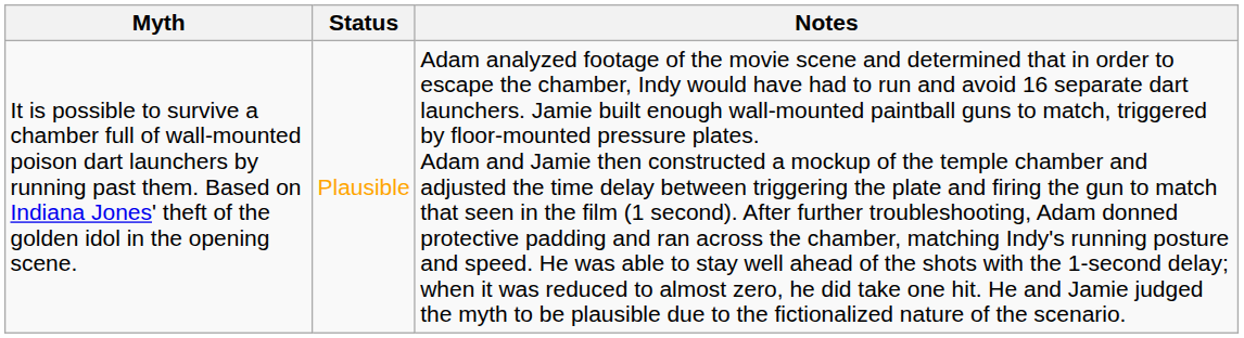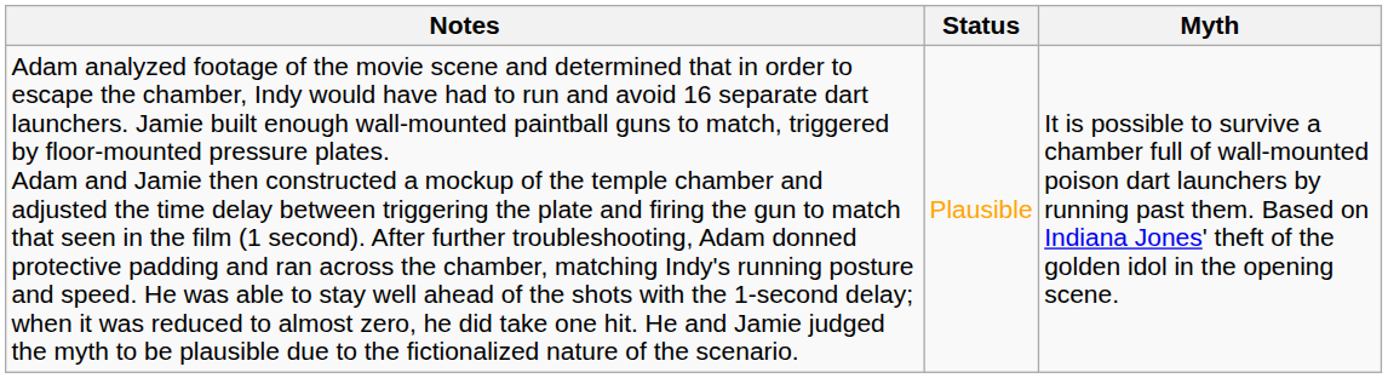 <table class="wikitable plainrowheaders">
 <tr>
+<th scope"col">Notes</th>
+<th scope"col">Status</th>
 <th scope"col">Myth</th>
-<th scope"col">Status</th>
-<th scope"col">Notes</th>
 </tr>
 <tr>
+<td>Adam analyzed footage of the movie scene and determined that in order to escape the chamber, Indy would have had to run  and avoid 16 separate dart launchers. Jamie built enough wall-mounted paintball guns to match, triggered by floor-mounted pressure plates.<br>Adam and Jamie then constructed a mockup of the temple chamber and adjusted the time delay between triggering the plate and firing the gun to match that seen in the film (1 second). After further troubleshooting, Adam donned protective padding and ran across the chamber, matching Indy's running posture and speed. He was able to stay well ahead of the shots with the 1-second delay; when it was reduced to almost zero, he did take one hit. He and Jamie judged the myth to be plausible due to the fictionalized nature of the scenario.</td>
+<td style="color:orange">Plausible</td>
 <td scope"row">It is possible to survive a chamber full of wall-mounted poison dart launchers by running past them. Based on <a href='#'>Indiana Jones</a>' theft of the golden idol in the opening scene.</td>
-<td style="color:orange">Plausible</td>
-<td>Adam analyzed footage of the movie scene and determined that in order to escape the chamber, Indy would have had to run  and avoid 16 separate dart launchers. Jamie built enough wall-mounted paintball guns to match, triggered by floor-mounted pressure plates.<br>Adam and Jamie then constructed a mockup of the temple chamber and adjusted the time delay between triggering the plate and firing the gun to match that seen in the film (1 second). After further troubleshooting, Adam donned protective padding and ran across the chamber, matching Indy's running posture and speed. He was able to stay well ahead of the shots with the 1-second delay; when it was reduced to almost zero, he did take one hit. He and Jamie judged the myth to be plausible due to the fictionalized nature of the scenario.</td>
 </tr>
 </table>
